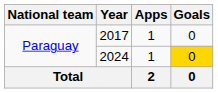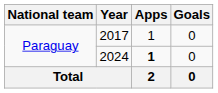 <table class="wikitable" style="text-align:center">
 <tr>
 <th>National team</th>
 <th>Year</th>
 <th>Apps</th>
 <th>Goals</th>
 </tr>
 <tr>
 <td rowspan="2"><a href='#'>Paraguay</a></td>
 <td>2017</td>
 <td>1</td>
 <td>0</td>
 </tr>
 <tr>
 <td>2024</td>
-<td>1</td>
-<td style="background: gold;">0</td>
+<td><strong>1</strong></td>
+<td>0</td>
 </tr>
 <tr>
 <th colspan="2">Total</th>
 <th>2</th>
 <th>0</th>
 </tr>
 </table>
